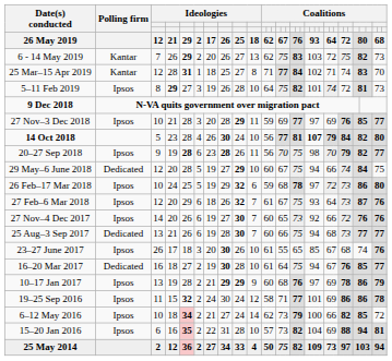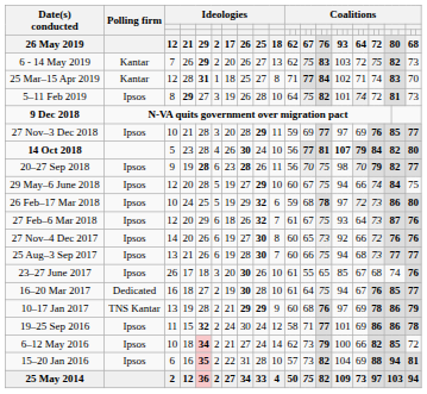 <table class="wikitable sortable" style="text-align:center; font-size:85%; line-height:16px;">
 <tr>
 <th rowspan="3" style="width:120px">Date(s)<br>conducted</th>
 <th rowspan="3">Polling firm</th>
 <th colspan=8>Ideologies</th>
 <th colspan="25">Coalitions</th>
 </tr>
 <tr>
 <th></th>
 <th></th>
 <th></th>
 <th></th>
 <th></th>
 <th></th>
 <th></th>
 <th></th>
 <th colspan=3></th>
 <th colspan=3></th>
 <th colspan=3></th>
 <th colspan=4></th>
 <th colspan=3></th>
 <th colspan=3></th>
 <th colspan=3></th>
 <th colspan=3></th>
 </tr>
 <tr>
 <th style="color:inherit;background:"></th>
 <th style="color:inherit;background:"></th>
 <th style="color:inherit;background:"></th>
 <th style="color:inherit;background:"></th>
 <th style="color:inherit;background:"></th>
 <th style="color:inherit;background:"></th>
 <th style="color:inherit;background:"></th>
 <th style="color:inherit;background:"></th>
 <th style="color:inherit;background:"></th>
 <th style="background:"></th>
 <th style="background:"></th>
 <th style="background:"></th>
 <th style="background:"></th>
 <th style="background:"></th>
 <th style="background:"></th>
 <th style="background:"></th>
 <th style="background:"></th>
 <th style="background:"></th>
 <th style="background:"></th>
 <th style="background:"></th>
 <th style="background:"></th>
 <th style="background:"></th>
 <th style="background:"></th>
 <th style="background:"></th>
 <th style="background:"></th>
 <th style="background:"></th>
 <th style="background:"></th>
 <th style="background:"></th>
 <th style="background:"></th>
 <th style="background:"></th>
 <th style="background:"></th>
 <th style="background:"></th>
 <th style="background:"></th>
 </tr>
 <tr>
 <th>26 May 2019</th>
 <th></th>
 <th>12</th>
 <th>21</th>
 <td style="background-color:#"><strong>29</strong></td>
 <th>2</th>
 <th>17</th>
 <th>26</th>
 <th>25</th>
 <th>18</th>
 <th colspan=3>62</th>
 <th colspan="3">67</th>
 <th colspan="3"  style="background:#DDD;"><strong>76</strong></th>
 <th colspan=4>93</th>
 <th colspan="3">64</th>
 <th colspan="3">72</th>
 <th colspan="3" style="background:#DDD;"><strong>80</strong></th>
 <th colspan="3">68</th>
 </tr>
 <tr>
 <td>6 - 14 May 2019</td>
 <td>Kantar</td>
 <td>7</td>
 <td>26</td>
 <td style="background-color:#"><strong>29</strong></td>
 <td>2</td>
 <td>20</td>
 <td>26</td>
 <td>27</td>
 <td>13</td>
 <td colspan=3>62</td>
 <td colspan=3 style="background:#EEE;"><em>75</em></td>
 <td colspan=3 style="background:#DDD;"><strong>83</strong></td>
 <td colspan=4>103</td>
 <td colspan=3>72</td>
 <td colspan=3 style="background:#EEE;"><em>75</em></td>
 <td colspan=3 style="background:#DDD;"><strong>82</strong></td>
 <td colspan=3>73</td>
 </tr>
 <tr>
 <td>25 Mar–15 Apr 2019</td>
 <td>Kantar</td>
 <td>12</td>
 <td>28</td>
 <td style="background-color:#"><strong>31</strong></td>
 <td>1</td>
 <td>18</td>
 <td>25</td>
 <td>27</td>
 <td>8</td>
 <td colspan=3>71</td>
 <td colspan=3 style="background:#DDD;"><strong>77</strong></td>
 <td colspan=3 style="background:#DDD;"><strong>84</strong></td>
 <td colspan=4>102</td>
 <td colspan=3>71</td>
 <td colspan=3>74</td>
 <td colspan=3 style="background:#DDD;"><strong>83</strong></td>
 <td colspan=3>70</td>
 </tr>
 <tr>
 <td>5–11 Feb 2019</td>
 <td>Ipsos</td>
 <td>8</td>
 <td style="background-color:#"><strong>29</strong></td>
 <td>27</td>
 <td>3</td>
 <td>19</td>
 <td>26</td>
 <td>28</td>
 <td>10</td>
 <td colspan=3>64</td>
 <td colspan=3 style="background:#EEE;"><em>75</em></td>
 <td colspan=3 style="background:#DDD;"><strong>82</strong></td>
 <td colspan=4>101</td>
 <td colspan=3 style="background:#EEE;"><em>74</em></td>
 <td colspan=3>72</td>
 <td colspan=3 style="background:#DDD;"><strong>81</strong></td>
 <td colspan=3>73</td>
 </tr>
 <tr>
 <td><strong>9 Dec 2018</strong></td>
 <td colspan="29"><strong>N-VA quits government over migration pact</strong></td>
 </tr>
 <tr>
 <td>27 Nov–3 Dec 2018</td>
 <td>Ipsos</td>
 <td>10</td>
 <td>21</td>
 <td>28</td>
 <td>3</td>
 <td>20</td>
 <td>28</td>
 <td style="background-color:#"><strong>29</strong></td>
 <td>11</td>
 <td colspan=3>59</td>
 <td colspan=3>69</td>
 <td colspan=3 style="background:#DDD;"><strong>77</strong></td>
 <td colspan=4>97</td>
 <td colspan=3>69</td>
 <td colspan=3 style="background:#DDD;"><strong>76</strong></td>
 <td colspan=3 style="background:#DDD;"><strong>85</strong></td>
 <td colspan=3 style="background:#DDD;"><strong>77</strong></td>
 </tr>
 <tr>
 <td><strong>14 Oct 2018</strong></td>
 <td></td>
 <td>5</td>
 <td>23</td>
 <td>28</td>
 <td>4</td>
 <td>26</td>
 <td style="background-color:#"><strong>30</strong></td>
 <td>24</td>
 <td>10</td>
 <td colspan=3>56</td>
 <td colspan=3 style="background:#DDD;"><strong>77</strong></td>
 <td colspan=3 style="background:#DDD;"><strong>81</strong></td>
 <td colspan=4><strong>107</strong></td>
 <td colspan=3 style="background:#DDD;"><strong>79</strong></td>
 <td colspan=3 style="background:#DDD;"><strong>84</strong></td>
 <td colspan=3 style="background:#DDD;"><strong>82</strong></td>
 <td colspan=3 style="background:#DDD;"><strong>80</strong></td>
 </tr>
 <tr>
 <td>20–27 Sep 2018</td>
 <td>Ipsos</td>
 <td>9</td>
 <td>19</td>
 <td style="background-color:#"><strong>28</strong></td>
 <td>6</td>
 <td>23</td>
 <td style="background-color:#"><strong>28</strong></td>
 <td>26</td>
 <td>11</td>
 <td colspan=3>56</td>
 <td colspan=3 style="background:#EEE;"><em>70</em></td>
 <td colspan=3 style="background:#EEE;"><em>75</em></td>
 <td colspan=4>98</td>
 <td colspan=3 style="background:#EEE;"><em>70</em></td>
 <td colspan=3 style="background:#DDD;"><strong>79</strong></td>
 <td colspan=3 style="background:#DDD;"><strong>82</strong></td>
 <td colspan=3 style="background:#DDD;"><strong>77</strong></td>
 </tr>
 <tr>
 <td>29 May–6 June 2018</td>
-<td>Dedicated</td>
+<td>Ipsos</td>
 <td>12</td>
 <td>20</td>
 <td>28</td>
 <td>5</td>
 <td>19</td>
 <td>27</td>
 <td style="background-color:#"><strong>29</strong></td>
 <td>10</td>
 <td colspan=3>60</td>
 <td colspan=3>67</td>
 <td colspan=3 style="background:#EEE;"><em>75</em></td>
 <td colspan=4>94</td>
 <td colspan=3>66</td>
 <td colspan=3 style="background:#EEE;"><em>74</em></td>
 <td colspan=3 style="background:#DDD;"><strong>84</strong></td>
 <td colspan=3>75</td>
 </tr>
 <tr>
 <td>26 Feb–17 Mar 2018</td>
 <td>Ipsos</td>
 <td>10</td>
 <td>24</td>
 <td>25</td>
 <td>5</td>
 <td>19</td>
 <td>29</td>
 <td style="background-color:#"><strong>32</strong></td>
 <td>6</td>
 <td colspan=3>59</td>
 <td colspan=3>68</td>
 <td colspan=3 style="background:#DDD;"><strong>78</strong></td>
 <td colspan=4>97</td>
 <td colspan=3 style="background:#EEE;"><em>72</em></td>
 <td colspan=3 style="background:#EEE;"><em>73</em></td>
 <td colspan=3 style="background:#DDD;"><strong>86</strong></td>
 <td colspan=3 style="background:#DDD;"><strong>80</strong></td>
 </tr>
 <tr>
 <td>27 Feb–6 Mar 2018</td>
 <td>Ipsos</td>
 <td>12</td>
 <td>20</td>
 <td>29</td>
 <td>6</td>
 <td>18</td>
 <td>26</td>
 <td style="background-color:#"><strong>32</strong></td>
 <td>7</td>
 <td colspan=3>61</td>
 <td colspan=3>67</td>
 <td colspan=3 style="background:#EEE;"><em>75</em></td>
 <td colspan=4>93</td>
 <td colspan=3>64</td>
 <td colspan=3 style="background:#EEE;"><em>73</em></td>
 <td colspan=3 style="background:#DDD;"><strong>87</strong></td>
 <td colspan=3 style="background:#DDD;"><strong>76</strong></td>
 </tr>
 <tr>
 <td>27 Nov–4 Dec 2017</td>
 <td>Ipsos</td>
 <td>14</td>
 <td>20</td>
 <td>26</td>
 <td>6</td>
 <td>19</td>
 <td>27</td>
 <td style="background-color:#"><strong>30</strong></td>
-<td>7</td>
+<td>8</td>
 <td colspan=3>60</td>
 <td colspan=3>65</td>
 <td colspan=3 style="background:#EEE;"><em>73</em></td>
 <td colspan=4>92</td>
 <td colspan=3>66</td>
 <td colspan=3 style="background:#EEE;"><em>72</em></td>
 <td colspan=3 style="background:#DDD;"><strong>76</strong></td>
 <td colspan=3 style="background:#DDD;"><strong>76</strong></td>
 </tr>
 <tr>
 <td>25 Aug–3 Sep 2017</td>
-<td>Dedicated</td>
+<td>Ipsos</td>
 <td>13</td>
 <td>21</td>
 <td>26</td>
 <td>6</td>
 <td>19</td>
 <td>28</td>
 <td style="background-color:#"><strong>30</strong></td>
 <td>7</td>
 <td colspan=3>60</td>
 <td colspan=3>66</td>
 <td colspan=3 style="background:#EEE;"><em>75</em></td>
 <td colspan=4>94</td>
 <td colspan=3>68</td>
 <td colspan=3 style="background:#EEE;"><em>73</em></td>
 <td colspan=3 style="background:#DDD;"><strong>77</strong></td>
 <td colspan=3 style="background:#DDD;"><strong>77</strong></td>
 </tr>
 <tr>
 <td>23–27 June 2017</td>
 <td>Ipsos</td>
 <td>26</td>
 <td>17</td>
 <td>18</td>
 <td>3</td>
 <td>20</td>
 <td style="background-color:#"><strong>30</strong></td>
 <td>26</td>
 <td>10</td>
 <td colspan=3>61</td>
 <td colspan=3>55</td>
 <td colspan=3>65</td>
 <td colspan=4>85</td>
 <td colspan=3>67</td>
 <td colspan=3>68</td>
 <td colspan=3>74</td>
 <td colspan=3 style="background:#DDD;"><strong>76</strong></td>
 </tr>
 <tr>
 <td>16–20 Mar 2017</td>
 <td>Dedicated</td>
 <td>16</td>
 <td>18</td>
 <td>27</td>
 <td>2</td>
 <td>19</td>
 <td style="background-color:#"><strong>30</strong></td>
 <td>28</td>
 <td>10</td>
 <td colspan=3>61</td>
 <td colspan=3>64</td>
 <td colspan=3 style="background:#EEE;"><em>75</em></td>
 <td colspan=4>94</td>
 <td colspan=3>67</td>
 <td colspan=3 style="background:#DDD;"><strong>76</strong></td>
 <td colspan=3 style="background:#DDD;"><strong>85</strong></td>
 <td colspan=3 style="background:#DDD;"><strong>77</strong></td>
 </tr>
 <tr>
 <td>10–17 Jan 2017</td>
-<td>Ipsos</td>
+<td>TNS Kantar</td>
 <td>13</td>
 <td>19</td>
 <td>28</td>
 <td>2</td>
 <td>21</td>
 <td style="background-color:#"><strong>29</strong></td>
 <td style="background-color:#"><strong>29</strong></td>
 <td>9</td>
 <td colspan=3>60</td>
 <td colspan=3>68</td>
 <td colspan=3 style="background:#DDD;"><strong>76</strong></td>
 <td colspan=4>97</td>
 <td colspan=3>69</td>
 <td colspan=3 style="background:#DDD;"><strong>78</strong></td>
 <td colspan=3 style="background:#DDD;"><strong>86</strong></td>
 <td colspan=3 style="background:#DDD;"><strong>79</strong></td>
 </tr>
 <tr>
 <td>19–25 Sep 2016</td>
 <td>Ipsos</td>
 <td>11</td>
 <td>15</td>
 <td style="background-color:#"><strong>32</strong></td>
 <td>2</td>
 <td>24</td>
 <td>30</td>
 <td>24</td>
 <td>12</td>
 <td colspan=3>58</td>
 <td colspan=3>71</td>
 <td colspan=3 style="background:#DDD;"><strong>77</strong></td>
 <td colspan=4>101</td>
 <td colspan=3>69</td>
 <td colspan=3 style="background:#DDD;"><strong>86</strong></td>
 <td colspan=3 style="background:#DDD;"><strong>86</strong></td>
 <td colspan=3 style="background:#DDD;"><strong>78</strong></td>
 </tr>
 <tr>
 <td>6–12 May 2016</td>
 <td>Ipsos</td>
 <td>10</td>
 <td>18</td>
 <td style="background:#F9C8CA;"><strong>34</strong></td>
 <td>2</td>
 <td>21</td>
 <td>27</td>
 <td>24</td>
 <td>14</td>
 <td colspan=3>62</td>
 <td colspan=3>73</td>
 <td colspan=3 style="background:#DDD;"><strong>79</strong></td>
 <td colspan=4>100</td>
 <td colspan=3>66</td>
 <td colspan=3 style="background:#DDD;"><strong>82</strong></td>
 <td colspan=3 style="background:#DDD;"><strong>85</strong></td>
 <td colspan=3>72</td>
 </tr>
 <tr>
 <td>15–20 Jan 2016</td>
 <td>Ipsos</td>
 <td>6</td>
 <td>16</td>
 <td style="background:#F9C8CA;"><strong>35</strong></td>
 <td>2</td>
 <td>22</td>
 <td>31</td>
 <td>28</td>
 <td>10</td>
 <td colspan=3>57</td>
 <td colspan=3>73</td>
 <td colspan=3 style="background:#DDD;"><strong>82</strong></td>
 <td colspan=4>104</td>
 <td colspan=3>69</td>
 <td colspan=3 style="background:#DDD;"><strong>88</strong></td>
 <td colspan=3 style="background:#DDD;"><strong>94</strong></td>
 <td colspan=3 style="background:#DDD;"><strong>81</strong></td>
 </tr>
 <tr style="background:#EFEFEF; font-weight:bold;">
 <td>25 May 2014</td>
 <td></td>
 <td>2</td>
 <td>12</td>
 <td style="background:#F9C8CA;"><strong>36</strong></td>
 <td>2</td>
 <td>27</td>
 <td>34</td>
 <td>33</td>
 <td>4</td>
 <td colspan=3>50</td>
 <td colspan=3 style="background:#EEE;"><em>75</em></td>
 <td colspan=3 style="background:#DDD;"><strong>82</strong></td>
 <td colspan=4>109</td>
 <td colspan=3>73</td>
 <td colspan=3 style="background:#DDD;"><strong>97</strong></td>
 <td colspan=3 style="background:#DDD;"><strong>103</strong></td>
 <td colspan=3 style="background:#DDD;"><strong>94</strong></td>
 </tr>
 </table>
